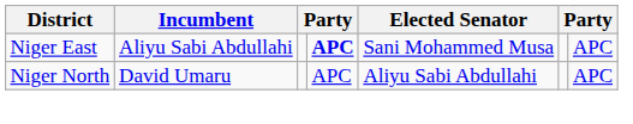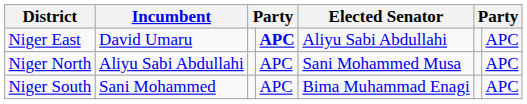 <table class="sortable wikitable" style="font-size:95%;line-height:14px;">
 <tr>
 <th class="unsortable">District</th>
 <th class="unsortable"><a href='#'>Incumbent</a></th>
 <th colspan="2">Party</th>
 <th class="unsortable">Elected Senator</th>
 <th colspan="2">Party</th>
 </tr>
 <tr>
 <td><a href='#'>Niger East</a></td>
+<td><a href='#'>David Umaru</a></td>
+<td style="background:"></td>
+<td><strong><a href='#'>APC</a></strong></td>
 <td><a href='#'>Aliyu Sabi Abdullahi</a></td>
 <td style="background:"></td>
-<td><strong><a href='#'>APC</a></strong></td>
+<td><a href='#'>APC</a></td>
+</tr>
+<tr>
+<td><a href='#'>Niger North</a></td>
+<td><a href='#'>Aliyu Sabi Abdullahi</a></td>
+<td style="background:"></td>
+<td><a href='#'>APC</a></td>
 <td><a href='#'>Sani Mohammed Musa</a></td>
 <td style="background:"></td>
 <td><a href='#'>APC</a></td>
 </tr>
 <tr>
-<td><a href='#'>Niger North</a></td>
-<td><a href='#'>David Umaru</a></td>
+<td><a href='#'>Niger South</a></td>
+<td><a href='#'>Sani Mohammed</a></td>
 <td style="background:"></td>
 <td><a href='#'>APC</a></td>
-<td><a href='#'>Aliyu Sabi Abdullahi</a></td>
+<td><a href='#'>Bima Muhammad Enagi</a></td>
 <td style="background:"></td>
 <td><a href='#'>APC</a></td>
 </tr>
 </table>
